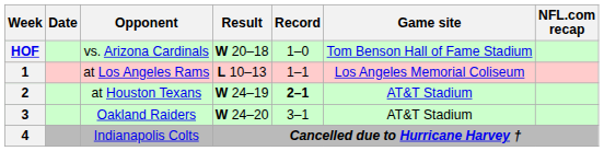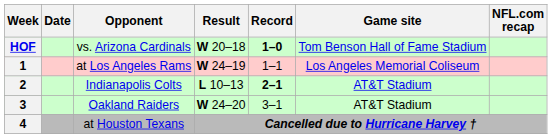 <table class="wikitable" style="text-align:center">
 <tr>
 <th>Week</th>
 <th>Date</th>
 <th>Opponent</th>
 <th>Result</th>
 <th>Record</th>
 <th>Game site</th>
 <th>NFL.com<br>recap</th>
 </tr>
 <tr style="background:#cfc">
 <th><a href='#'>HOF</a></th>
 <td></td>
 <td>vs. <a href='#'>Arizona Cardinals</a></td>
 <td><strong>W</strong> 20–18</td>
-<td>1–0</td>
+<td><strong>1–0</strong></td>
 <td><a href='#'>Tom Benson Hall of Fame Stadium</a><br></td>
 <td></td>
 </tr>
 <tr style="background:#fcc">
 <th>1</th>
 <td></td>
 <td>at <a href='#'>Los Angeles Rams</a></td>
-<td><strong>L</strong> 10–13</td>
+<td><strong>W</strong> 24–19</td>
 <td>1–1</td>
 <td><a href='#'>Los Angeles Memorial Coliseum</a></td>
 <td></td>
 </tr>
 <tr style="background:#cfc">
 <th>2</th>
 <td></td>
-<td>at <a href='#'>Houston Texans</a></td>
-<td><strong>W</strong> 24–19</td>
+<td><a href='#'>Indianapolis Colts</a></td>
+<td><strong>L</strong> 10–13</td>
 <td><strong>2–1</strong></td>
 <td><a href='#'>AT&T Stadium</a></td>
 <td></td>
 </tr>
 <tr style="background:#cfc">
 <th>3</th>
 <td></td>
 <td><a href='#'>Oakland Raiders</a></td>
 <td><strong>W</strong> 24–20</td>
 <td>3–1</td>
 <td>AT&T Stadium</td>
 <td></td>
 </tr>
 <tr style="background:#bababa">
 <th>4</th>
 <td></td>
-<td><a href='#'>Indianapolis Colts</a></td>
+<td>at <a href='#'>Houston Texans</a></td>
 <td colspan=4><strong><em>Cancelled due to <a href='#'>Hurricane Harvey</a> †</em></strong></td>
 </tr>
 </table>
